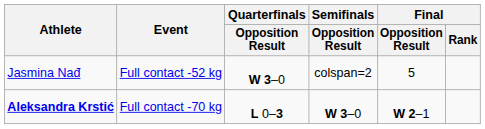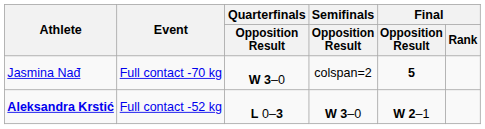 <table class="wikitable" style="font-size:90%">
 <tr>
 <th rowspan="2">Athlete</th>
 <th rowspan="2">Event</th>
 <th>Quarterfinals</th>
 <th>Semifinals</th>
 <th colspan=2>Final</th>
 </tr>
 <tr style="font-size:95%">
 <th>Opposition<br>Result</th>
 <th>Opposition<br>Result</th>
 <th>Opposition<br>Result</th>
 <th>Rank</th>
 </tr>
 <tr align=center>
 <td align=left><a href='#'>Jasmina Nađ</a></td>
-<td align=left><a href='#'>Full contact -52 kg</a></td>
+<td align=left><a href='#'>Full contact -70 kg</a></td>
 <td><br><strong>W 3</strong>–0</td>
 <td>colspan=2 </td>
-<td>5</td>
+<td><strong>5</strong></td>
 </tr>
 <tr align=center>
 <td align=left><strong><a href='#'>Aleksandra Krstić</a></strong></td>
-<td align=left><a href='#'>Full contact -70 kg</a></td>
+<td align=left><a href='#'>Full contact -52 kg</a></td>
 <td><br><strong>L</strong> 0–<strong>3</strong></td>
 <td><br><strong>W 3</strong>–0</td>
 <td><br><strong>W 2</strong>–1</td>
 <td></td>
 </tr>
 </table>
